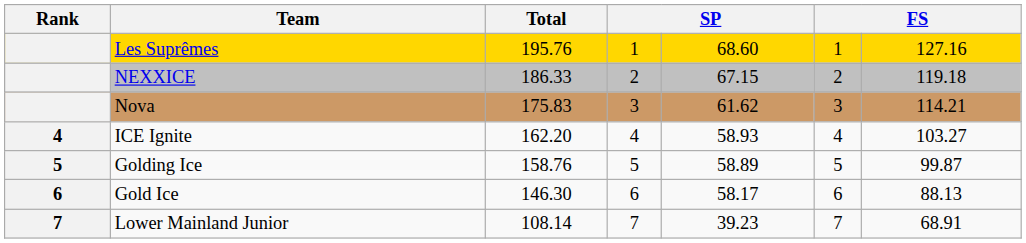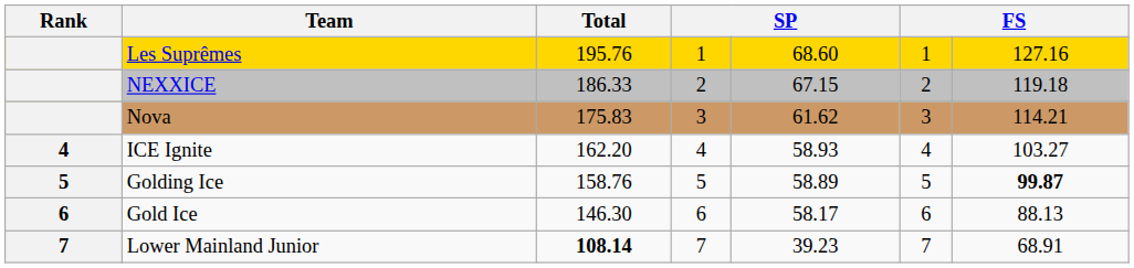 <table class="wikitable sortable" style="text-align:center; width:70%">
 <tr>
 <th scope="col">Rank</th>
 <th scope="col">Team</th>
 <th scope="col">Total</th>
 <th colspan="2" scope="col" width="80px"><a href='#'>SP</a></th>
 <th colspan="2" scope="col" width="80px"><a href='#'>FS</a></th>
 </tr>
 <tr bgcolor="gold">
 <th scope="row"></th>
 <td align="left"><a href='#'>Les Suprêmes</a></td>
 <td>195.76</td>
 <td>1</td>
 <td>68.60</td>
 <td>1</td>
 <td>127.16</td>
 </tr>
 <tr bgcolor="silver">
 <th scope="row"></th>
 <td align="left"><a href='#'>NEXXICE</a></td>
 <td>186.33</td>
 <td>2</td>
 <td>67.15</td>
 <td>2</td>
 <td>119.18</td>
 </tr>
 <tr bgcolor="cc9966">
 <th scope="row"></th>
 <td align="left">Nova</td>
 <td>175.83</td>
 <td>3</td>
 <td>61.62</td>
 <td>3</td>
 <td>114.21</td>
 </tr>
 <tr>
 <th scope="row">4</th>
 <td align="left">ICE Ignite</td>
 <td>162.20</td>
 <td>4</td>
 <td>58.93</td>
 <td>4</td>
 <td>103.27</td>
 </tr>
 <tr>
 <th scope="row">5</th>
 <td align="left">Golding Ice</td>
 <td>158.76</td>
 <td>5</td>
 <td>58.89</td>
 <td>5</td>
-<td>99.87</td>
+<td><strong>99.87</strong></td>
 </tr>
 <tr>
 <th scope="row">6</th>
 <td align="left">Gold Ice</td>
 <td>146.30</td>
 <td>6</td>
 <td>58.17</td>
 <td>6</td>
 <td>88.13</td>
 </tr>
 <tr>
 <th scope="row">7</th>
 <td align="left">Lower Mainland Junior</td>
-<td>108.14</td>
+<td><strong>108.14</strong></td>
 <td>7</td>
 <td>39.23</td>
 <td>7</td>
 <td>68.91</td>
 </tr>
 </table>
